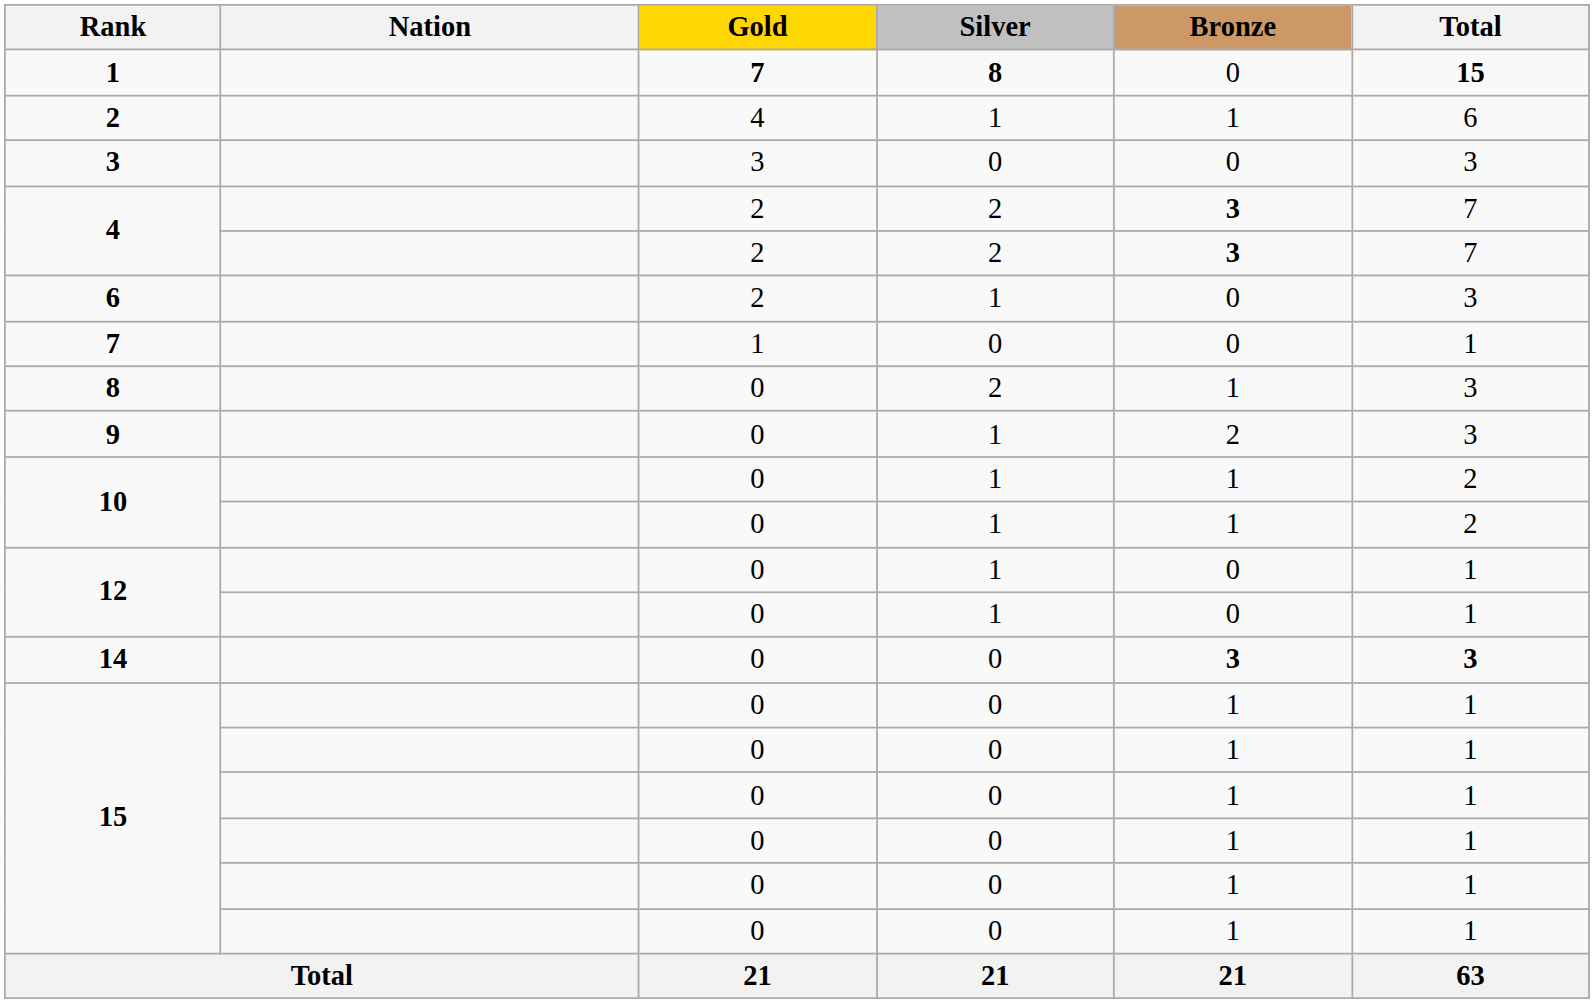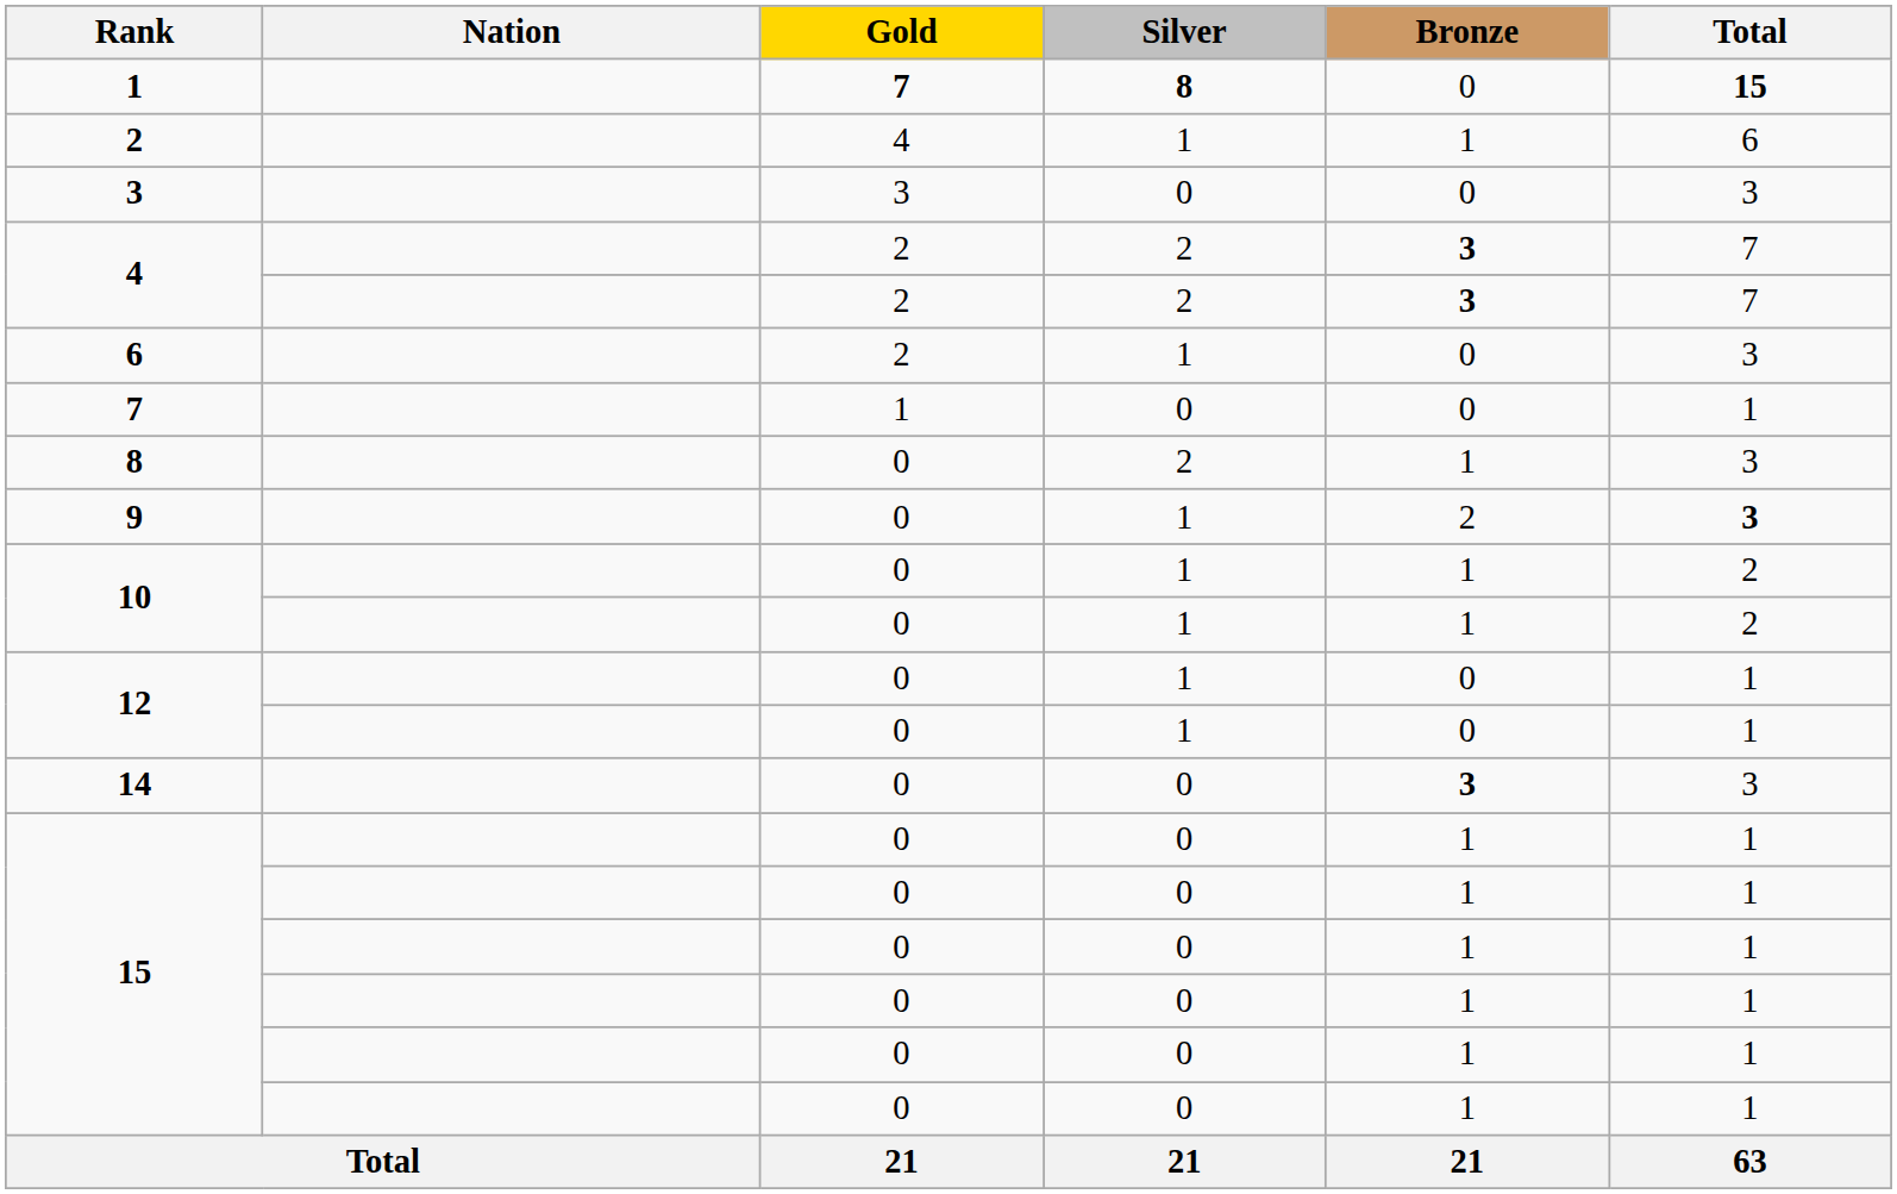 <table class="wikitable collapsible autocollapse plainrowheaders" width=70.5% style="text-align:center;">
 <tr style="background-color:#EDEDED;">
 <th width=100px class="hintergrundfarbe5">Rank</th>
 <th width=200px class="hintergrundfarbe6">Nation</th>
 <th style="background:    gold; width:15%">Gold</th>
 <th style="background:  silver; width:15%">Silver</th>
 <th style="background: #CC9966; width:15%">Bronze</th>
 <th class="hintergrundfarbe6" style="width:15%">Total</th>
 </tr>
 <tr>
 <td><strong>1</strong></td>
 <td align=left></td>
 <td><strong>7</strong></td>
 <td><strong>8</strong></td>
 <td>0</td>
 <td><strong>15</strong></td>
 </tr>
 <tr>
 <td><strong>2</strong></td>
 <td align=left></td>
 <td>4</td>
 <td>1</td>
 <td>1</td>
 <td>6</td>
 </tr>
 <tr>
 <td><strong>3</strong></td>
 <td align=left></td>
 <td>3</td>
 <td>0</td>
 <td>0</td>
 <td>3</td>
 </tr>
 <tr>
 <td rowspan=2><strong>4</strong></td>
 <td align=left></td>
 <td>2</td>
 <td>2</td>
 <td><strong>3</strong></td>
 <td>7</td>
 </tr>
 <tr>
 <td align=left></td>
 <td>2</td>
 <td>2</td>
 <td><strong>3</strong></td>
 <td>7</td>
 </tr>
 <tr>
 <td><strong>6</strong></td>
 <td align=left><em></em></td>
 <td>2</td>
 <td>1</td>
 <td>0</td>
 <td>3</td>
 </tr>
 <tr>
 <td><strong>7</strong></td>
 <td align=left><em></em></td>
 <td>1</td>
 <td>0</td>
 <td>0</td>
 <td>1</td>
 </tr>
 <tr>
 <td><strong>8</strong></td>
 <td align=left></td>
 <td>0</td>
 <td>2</td>
 <td>1</td>
 <td>3</td>
 </tr>
 <tr>
 <td><strong>9</strong></td>
 <td align=left><em></em></td>
 <td>0</td>
 <td>1</td>
 <td>2</td>
-<td>3</td>
+<td><strong>3</strong></td>
 </tr>
 <tr>
 <td rowspan=2><strong>10</strong></td>
 <td align=left></td>
 <td>0</td>
 <td>1</td>
 <td>1</td>
 <td>2</td>
 </tr>
 <tr>
 <td align=left></td>
 <td>0</td>
 <td>1</td>
 <td>1</td>
 <td>2</td>
 </tr>
 <tr>
 <td rowspan=2><strong>12</strong></td>
 <td align=left></td>
 <td>0</td>
 <td>1</td>
 <td>0</td>
 <td>1</td>
 </tr>
 <tr>
 <td align=left></td>
 <td>0</td>
 <td>1</td>
 <td>0</td>
 <td>1</td>
 </tr>
 <tr>
 <td><strong>14</strong></td>
 <td align=left></td>
 <td>0</td>
 <td>0</td>
 <td><strong>3</strong></td>
-<td><strong>3</strong></td>
+<td>3</td>
 </tr>
 <tr>
 <td rowspan=6><strong>15</strong></td>
 <td align=left></td>
 <td>0</td>
 <td>0</td>
 <td>1</td>
 <td>1</td>
 </tr>
 <tr>
 <td align=left></td>
 <td>0</td>
 <td>0</td>
 <td>1</td>
 <td>1</td>
 </tr>
 <tr>
 <td align=left></td>
 <td>0</td>
 <td>0</td>
 <td>1</td>
 <td>1</td>
 </tr>
 <tr>
 <td align=left></td>
 <td>0</td>
 <td>0</td>
 <td>1</td>
 <td>1</td>
 </tr>
 <tr>
 <td align=left></td>
 <td>0</td>
 <td>0</td>
 <td>1</td>
 <td>1</td>
 </tr>
 <tr>
 <td align=left></td>
 <td>0</td>
 <td>0</td>
 <td>1</td>
 <td>1</td>
 </tr>
 <tr>
 <th colspan=2>Total</th>
 <th>21</th>
 <th>21</th>
 <th>21</th>
 <th>63</th>
 </tr>
 </table>
